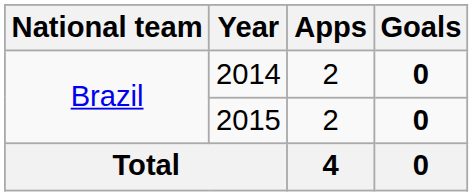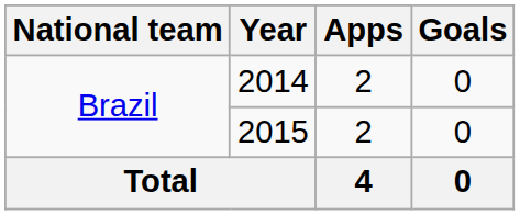 <table class="wikitable" style="text-align:center">
 <tr>
 <th>National team</th>
 <th>Year</th>
 <th>Apps</th>
 <th>Goals</th>
 </tr>
 <tr>
 <td rowspan="2"><a href='#'>Brazil</a></td>
 <td>2014</td>
 <td>2</td>
-<td><strong>0</strong></td>
+<td>0</td>
 </tr>
 <tr>
 <td>2015</td>
 <td>2</td>
-<td><strong>0</strong></td>
+<td>0</td>
 </tr>
 <tr>
 <th colspan="2">Total</th>
 <th>4</th>
 <th>0</th>
 </tr>
 </table>
